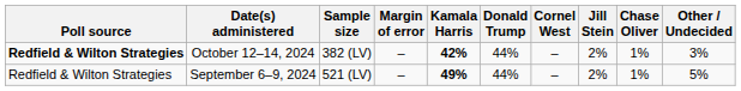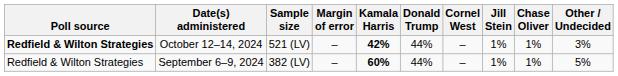 <table class="wikitable sortable mw-datatable" style="font-size:90%;text-align:center;line-height:17px">
 <tr valign=bottom>
 <th>Poll source</th>
 <th>Date(s)<br>administered</th>
 <th>Sample<br>size</th>
 <th>Margin<br>of error</th>
 <th class="unsortable">Kamala<br>Harris<br></th>
 <th class="unsortable">Donald<br>Trump<br></th>
 <th class="unsortable">Cornel<br>West<br></th>
 <th class="unsortable">Jill<br>Stein<br></th>
 <th class="unsortable">Chase<br>Oliver<br></th>
 <th class="unsortable">Other /<br>Undecided</th>
 </tr>
 <tr>
 <td style="text-align:left;"><strong>Redfield & Wilton Strategies</strong></td>
 <td data-sort-value="2024-10-14">October 12–14, 2024</td>
-<td>382 (LV)</td>
+<td>521 (LV)</td>
 <td>–</td>
 <td style="color:black;background-color:"><strong>42%</strong></td>
 <td>44%</td>
 <td>–</td>
-<td>2%</td>
+<td>1%</td>
 <td>1%</td>
 <td>3%</td>
 </tr>
 <tr>
 <td style="text-align:left;">Redfield & Wilton Strategies</td>
 <td data-sort-value="2024-09-06">September 6–9, 2024</td>
-<td>521 (LV)</td>
+<td>382 (LV)</td>
 <td>–</td>
-<td style="color:black;background-color:"><strong>49%</strong></td>
+<td style="color:black;background-color:"><strong>60%</strong></td>
 <td>44%</td>
 <td>–</td>
-<td>2%</td>
+<td>1%</td>
 <td>1%</td>
 <td>5%</td>
 </tr>
 </table>
